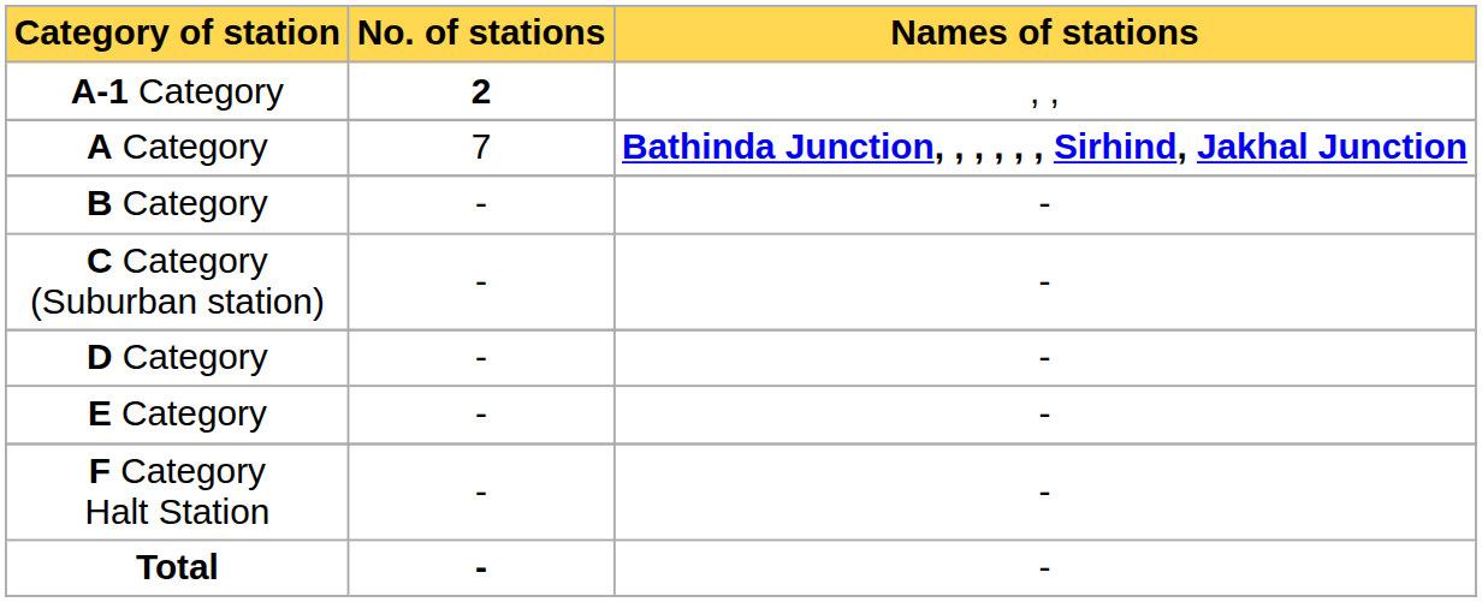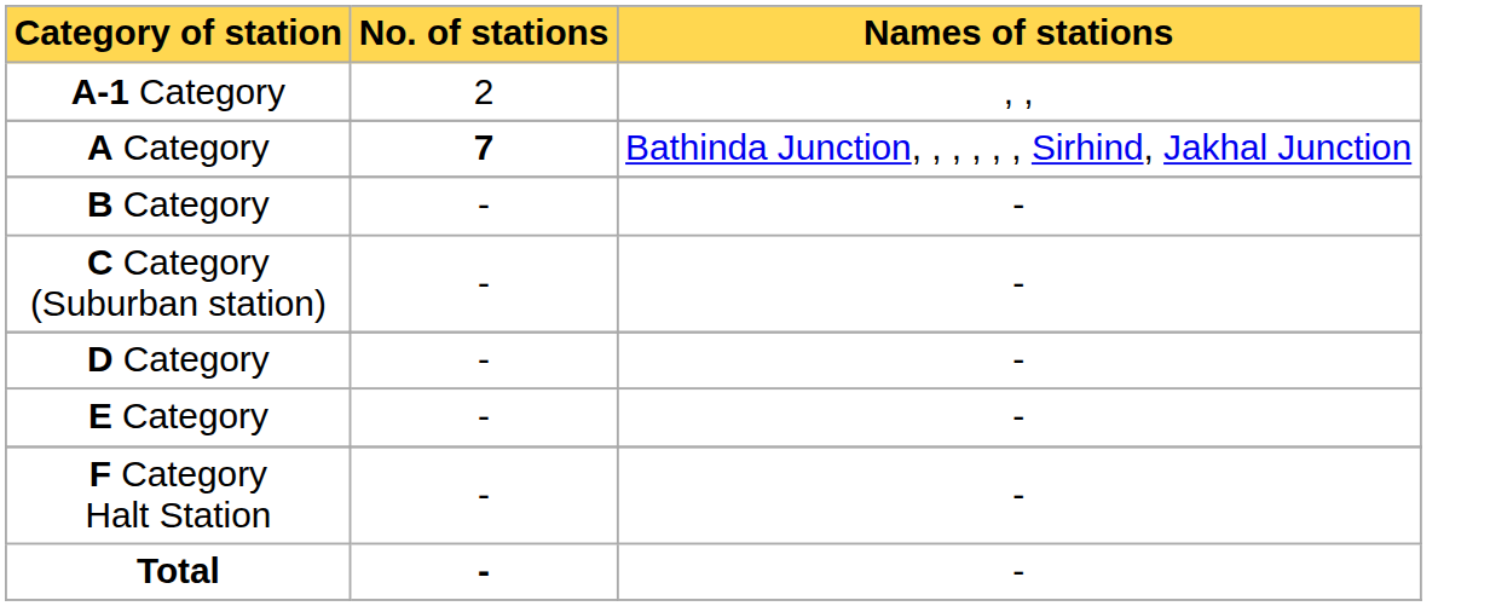 <table class="wikitable sortable" style="background:#fff;">
 <tr>
 <th style="background:#ffd750;" !>Category of station</th>
 <th style="background:#ffd750;" !>No. of stations</th>
 <th style="background:#ffd750;" !>Names of stations</th>
 </tr>
 <tr>
 <td style="text-align:center;"><strong>A-1</strong> Category</td>
-<td style="text-align:center;"><strong>2</strong></td>
+<td style="text-align:center;">2</td>
 <td style="text-align:center;">, ,</td>
 </tr>
 <tr>
 </tr>
 <tr>
 <td style="text-align:center;"><strong>A</strong> Category</td>
-<td style="text-align:center;">7</td>
-<td style="text-align:center;"><strong><a href='#'>Bathinda Junction</a>, , , , , , <a href='#'>Sirhind</a>, <a href='#'>Jakhal Junction</a></strong></td>
+<td style="text-align:center;"><strong>7</strong></td>
+<td style="text-align:center;"><a href='#'>Bathinda Junction</a>, , , , , , <a href='#'>Sirhind</a>, <a href='#'>Jakhal Junction</a></td>
 </tr>
 <tr>
 </tr>
 <tr>
 <td style="text-align:center;"><strong>B</strong> Category</td>
 <td style="text-align:center;">-</td>
 <td style="text-align:center;">-</td>
 </tr>
 <tr>
 <td style="text-align:center;"><strong>C</strong> Category<br>(Suburban station)</td>
 <td style="text-align:center;">-</td>
 <td style="text-align:center;">-</td>
 </tr>
 <tr>
 </tr>
 <tr>
 <td style="text-align:center;"><strong>D</strong> Category</td>
 <td style="text-align:center;">-</td>
 <td style="text-align:center;">-</td>
 </tr>
 <tr>
 <td style="text-align:center;"><strong>E</strong> Category</td>
 <td style="text-align:center;">-</td>
 <td style="text-align:center;">-</td>
 </tr>
 <tr>
 </tr>
 <tr>
 <td style="text-align:center;"><strong>F</strong> Category<br>Halt Station</td>
 <td style="text-align:center;">-</td>
 <td style="text-align:center;">-</td>
 </tr>
 <tr>
 <td style="text-align:center;"><strong>Total</strong></td>
 <td style="text-align:center;"><strong>-</strong></td>
 <td style="text-align:center;">-</td>
 </tr>
 </table>
